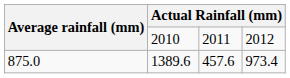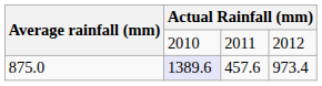 <table class="wikitable">
 <tr>
 <th rowspan="2">Average rainfall (mm)</th>
 <th colspan="3">Actual Rainfall (mm)</th>
 </tr>
 <tr>
 <td>2010</td>
 <td>2011</td>
 <td>2012</td>
 </tr>
 <tr>
 <td>875.0</td>
-<td>1389.6</td>
+<td style="background: lavender;">1389.6</td>
 <td>457.6</td>
 <td>973.4</td>
 </tr>
 </table>
